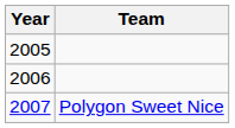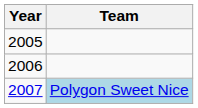 <table class="wikitable">
 <tr>
 <th>Year</th>
 <th>Team</th>
 </tr>
 <tr>
 <td>2005</td>
 <td></td>
 </tr>
 <tr>
 <td>2006</td>
 <td></td>
 </tr>
 <tr>
 <td><a href='#'>2007</a></td>
-<td><a href='#'>Polygon Sweet Nice</a></td>
+<td style="background: lightblue;"><a href='#'>Polygon Sweet Nice</a></td>
 </tr>
 </table>
